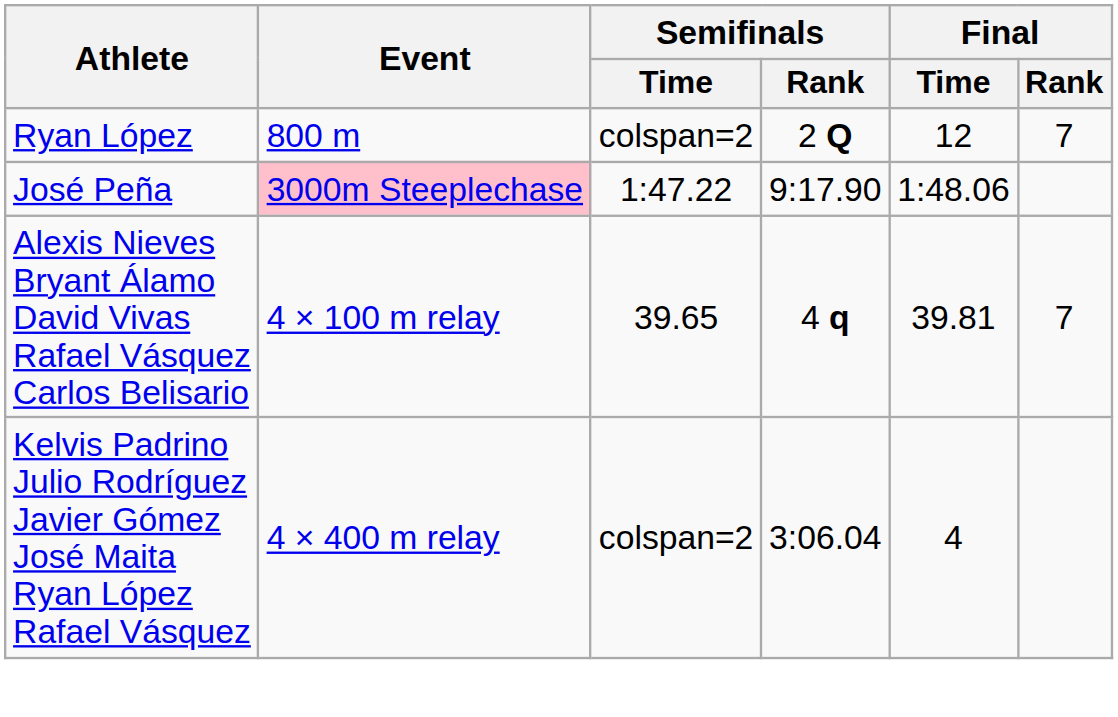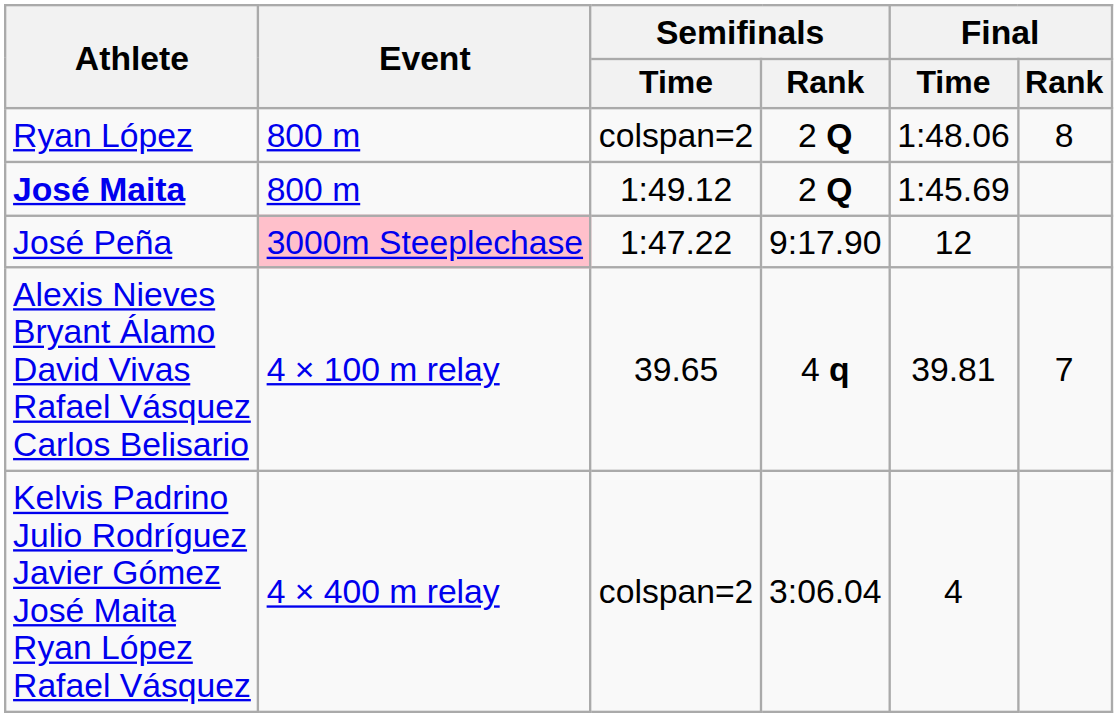 <table class=wikitable style="font-size:90%;">
 <tr>
 <th rowspan=2>Athlete</th>
 <th rowspan=2>Event</th>
 <th colspan=2>Semifinals</th>
 <th colspan=2>Final</th>
 </tr>
 <tr style="font-size:95%">
 <th>Time</th>
 <th>Rank</th>
 <th>Time</th>
 <th>Rank</th>
 </tr>
 <tr align=center>
 <td align=left><a href='#'>Ryan López</a></td>
 <td align=left><a href='#'>800 m</a></td>
 <td>colspan=2 </td>
 <td>2 <strong>Q</strong></td>
-<td>12</td>
-<td>7</td>
+<td>1:48.06</td>
+<td>8</td>
+</tr>
+<tr align=center>
+<td align=left><strong><a href='#'>José Maita</a></strong></td>
+<td align=left><a href='#'>800 m</a></td>
+<td>1:49.12</td>
+<td>2 <strong>Q</strong></td>
+<td>1:45.69</td>
+<td></td>
 </tr>
 <tr align=center>
 <td align=left><a href='#'>José Peña</a></td>
 <td align=left style="background: pink;"><a href='#'>3000m Steeplechase</a></td>
 <td>1:47.22</td>
 <td>9:17.90</td>
-<td>1:48.06</td>
+<td>12</td>
 </tr>
 <tr align=center>
 <td align=left><a href='#'>Alexis Nieves</a><br><a href='#'>Bryant Álamo</a><br><a href='#'>David Vivas</a><br><a href='#'>Rafael Vásquez</a><br><a href='#'>Carlos Belisario</a></td>
 <td align=left><a href='#'>4 × 100 m relay</a></td>
 <td>39.65</td>
 <td>4 <strong>q</strong></td>
 <td>39.81</td>
 <td>7</td>
 </tr>
 <tr align=center>
 <td align=left><a href='#'>Kelvis Padrino</a><br><a href='#'>Julio Rodríguez</a><br><a href='#'>Javier Gómez</a><br><a href='#'>José Maita</a><br><a href='#'>Ryan López</a><br><a href='#'>Rafael Vásquez</a></td>
 <td align=left><a href='#'>4 × 400 m relay</a></td>
 <td>colspan=2 </td>
 <td>3:06.04</td>
 <td>4</td>
 </tr>
 </table>
